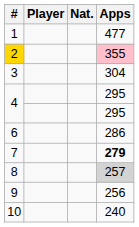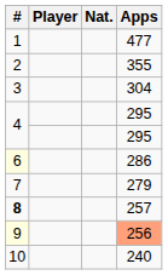 <table class="wikitable sortable" style="text-align: center;">
 <tr>
 <th>#</th>
 <th>Player</th>
 <th class="unsortable">Nat.</th>
 <th>Apps</th>
 </tr>
 <tr>
 <td>1</td>
 <td align="left"></td>
 <td></td>
 <td>477</td>
 </tr>
 <tr>
-<td style="background: gold;">2</td>
+<td>2</td>
 <td align="left"></td>
 <td></td>
-<td style="background: pink;">355</td>
+<td>355</td>
 </tr>
 <tr>
 <td>3</td>
 <td align="left"></td>
 <td></td>
 <td>304</td>
 </tr>
 <tr>
 <td rowspan=2>4</td>
 <td align="left"></td>
 <td></td>
 <td>295</td>
 </tr>
 <tr>
 <td align="left"></td>
 <td></td>
 <td>295</td>
 </tr>
 <tr>
-<td>6</td>
+<td style="background: lightyellow;">6</td>
 <td align="left"></td>
 <td></td>
 <td>286</td>
 </tr>
 <tr>
 <td>7</td>
 <td align="left"></td>
 <td></td>
-<td><strong>279</strong></td>
+<td>279</td>
 </tr>
 <tr>
-<td>8</td>
+<td><strong>8</strong></td>
 <td align="left"></td>
 <td></td>
-<td style="background: lightgrey;">257</td>
+<td>257</td>
 </tr>
 <tr>
-<td>9</td>
+<td style="background: lightyellow;">9</td>
 <td align="left"></td>
 <td></td>
-<td>256</td>
+<td style="background: lightsalmon;">256</td>
 </tr>
 <tr>
 <td>10</td>
 <td align="left"></td>
 <td></td>
 <td>240</td>
 </tr>
 </table>
